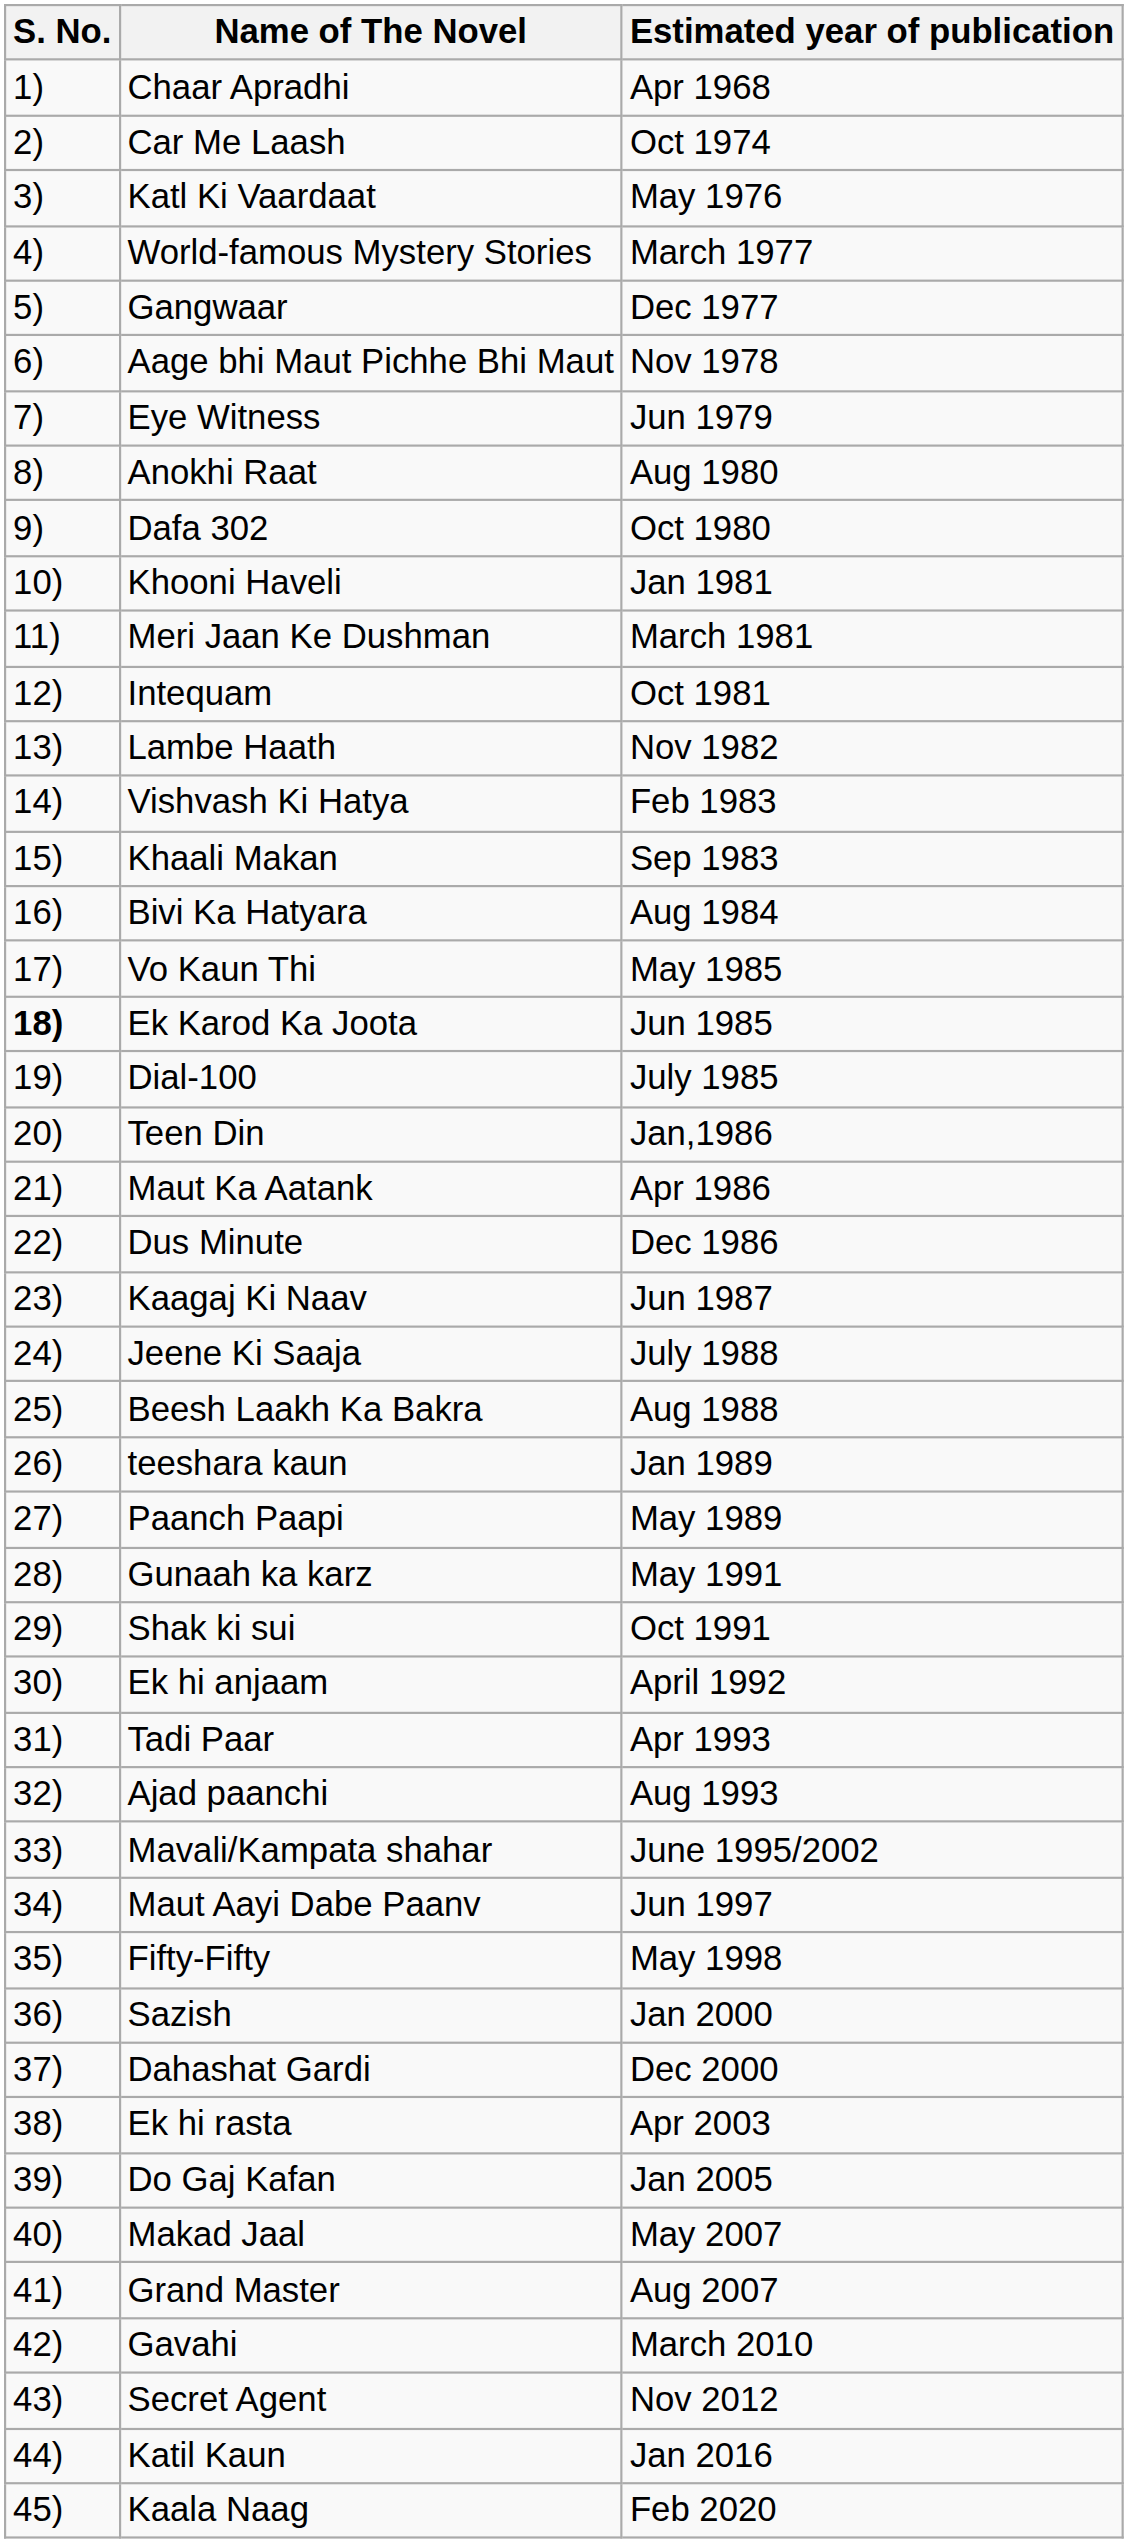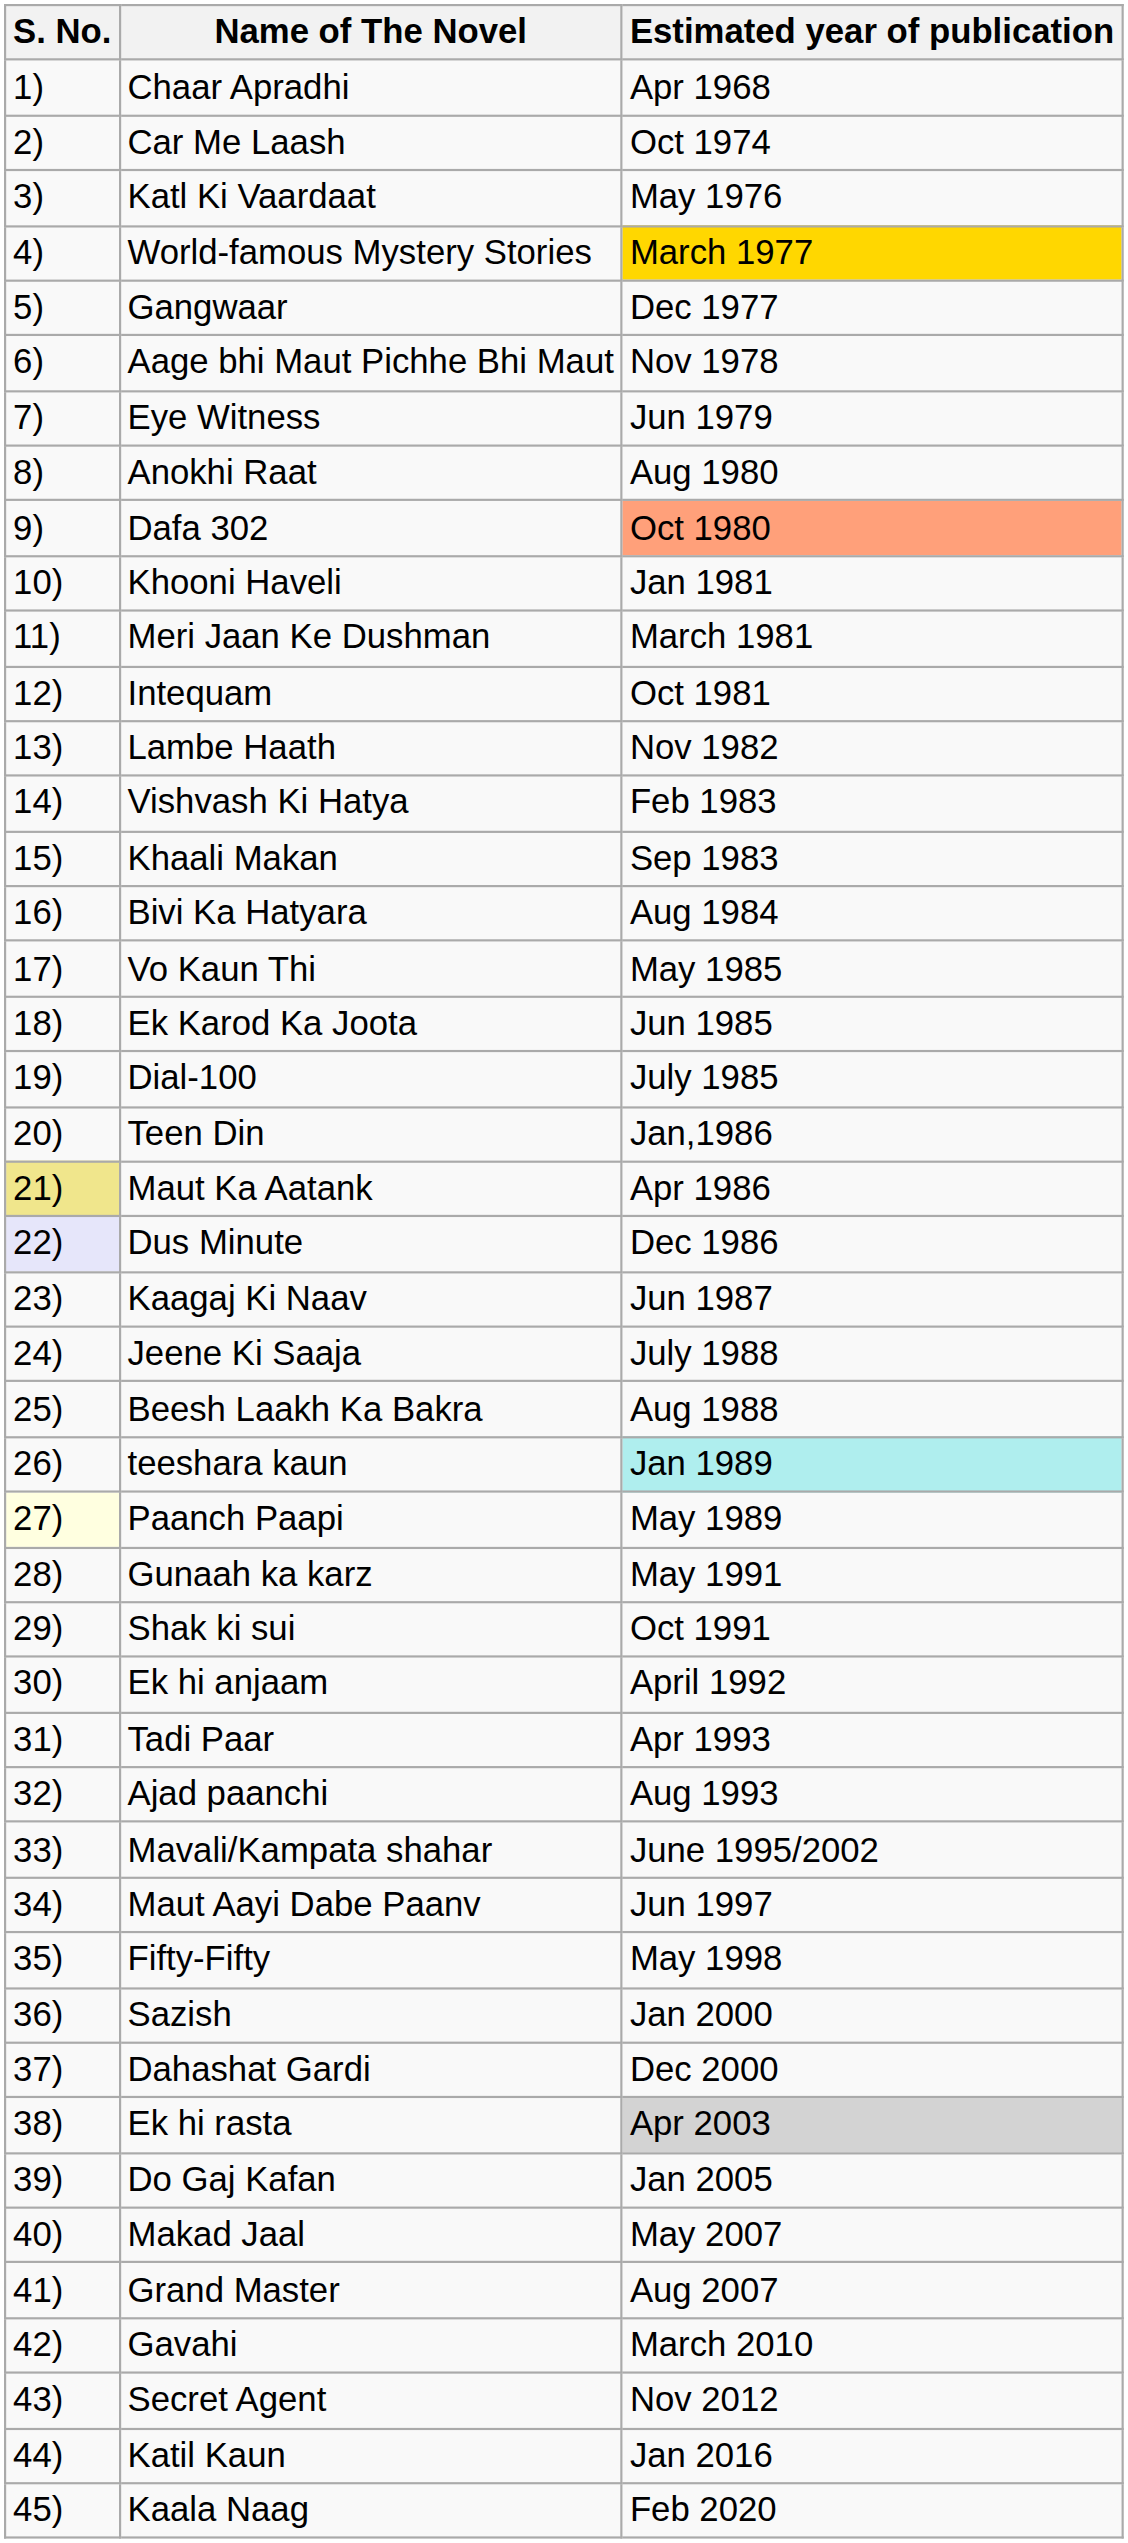 <table class="wikitable">
 <tr>
 <th>S. No.</th>
 <th>Name of The Novel</th>
 <th>Estimated year of publication</th>
 </tr>
 <tr>
 <td>1)</td>
 <td>Chaar Apradhi</td>
 <td>Apr 1968</td>
 </tr>
 <tr>
 <td>2)</td>
 <td>Car Me Laash</td>
 <td>Oct 1974</td>
 </tr>
 <tr>
 <td>3)</td>
 <td>Katl Ki Vaardaat</td>
 <td>May 1976</td>
 </tr>
 <tr>
 <td>4)</td>
 <td>World-famous Mystery Stories</td>
-<td>March 1977</td>
+<td style="background: gold;">March 1977</td>
 </tr>
 <tr>
 <td>5)</td>
 <td>Gangwaar</td>
 <td>Dec 1977</td>
 </tr>
 <tr>
 <td>6)</td>
 <td>Aage bhi Maut Pichhe Bhi Maut</td>
 <td>Nov 1978</td>
 </tr>
 <tr>
 <td>7)</td>
 <td>Eye Witness</td>
 <td>Jun 1979</td>
 </tr>
 <tr>
 <td>8)</td>
 <td>Anokhi Raat</td>
 <td>Aug 1980</td>
 </tr>
 <tr>
 <td>9)</td>
 <td>Dafa 302</td>
-<td>Oct 1980</td>
+<td style="background: lightsalmon;">Oct 1980</td>
 </tr>
 <tr>
 <td>10)</td>
 <td>Khooni Haveli</td>
 <td>Jan 1981</td>
 </tr>
 <tr>
 <td>11)</td>
 <td>Meri Jaan Ke Dushman</td>
 <td>March 1981</td>
 </tr>
 <tr>
 <td>12)</td>
 <td>Intequam</td>
 <td>Oct 1981</td>
 </tr>
 <tr>
 <td>13)</td>
 <td>Lambe Haath</td>
 <td>Nov 1982</td>
 </tr>
 <tr>
 <td>14)</td>
 <td>Vishvash Ki Hatya</td>
 <td>Feb 1983</td>
 </tr>
 <tr>
 <td>15)</td>
 <td>Khaali Makan</td>
 <td>Sep 1983</td>
 </tr>
 <tr>
 <td>16)</td>
 <td>Bivi Ka Hatyara</td>
 <td>Aug 1984</td>
 </tr>
 <tr>
 <td>17)</td>
 <td>Vo Kaun Thi</td>
 <td>May 1985</td>
 </tr>
 <tr>
-<td><strong>18)</strong></td>
+<td>18)</td>
 <td>Ek Karod Ka Joota</td>
 <td>Jun 1985</td>
 </tr>
 <tr>
 <td>19)</td>
 <td>Dial-100</td>
 <td>July 1985</td>
 </tr>
 <tr>
 <td>20)</td>
 <td>Teen Din</td>
 <td>Jan,1986</td>
 </tr>
 <tr>
-<td>21)</td>
+<td style="background: khaki;">21)</td>
 <td>Maut Ka Aatank</td>
 <td>Apr 1986</td>
 </tr>
 <tr>
-<td>22)</td>
+<td style="background: lavender;">22)</td>
 <td>Dus Minute</td>
 <td>Dec 1986</td>
 </tr>
 <tr>
 <td>23)</td>
 <td>Kaagaj Ki Naav</td>
 <td>Jun 1987</td>
 </tr>
 <tr>
 <td>24)</td>
 <td>Jeene Ki Saaja</td>
 <td>July 1988</td>
 </tr>
 <tr>
 <td>25)</td>
 <td>Beesh Laakh Ka Bakra</td>
 <td>Aug 1988</td>
 </tr>
 <tr>
 <td>26)</td>
 <td>teeshara kaun</td>
-<td>Jan 1989</td>
+<td style="background: paleturquoise;">Jan 1989</td>
 </tr>
 <tr>
-<td>27)</td>
+<td style="background: lightyellow;">27)</td>
 <td>Paanch Paapi</td>
 <td>May 1989</td>
 </tr>
 <tr>
 <td>28)</td>
 <td>Gunaah ka karz</td>
 <td>May 1991</td>
 </tr>
 <tr>
 <td>29)</td>
 <td>Shak ki sui</td>
 <td>Oct 1991</td>
 </tr>
 <tr>
 <td>30)</td>
 <td>Ek hi anjaam</td>
 <td>April 1992</td>
 </tr>
 <tr>
 <td>31)</td>
 <td>Tadi Paar</td>
 <td>Apr 1993</td>
 </tr>
 <tr>
 <td>32)</td>
 <td>Ajad paanchi</td>
 <td>Aug 1993</td>
 </tr>
 <tr>
 <td>33)</td>
 <td>Mavali/Kampata shahar</td>
 <td>June 1995/2002</td>
 </tr>
 <tr>
 <td>34)</td>
 <td>Maut Aayi Dabe Paanv</td>
 <td>Jun 1997</td>
 </tr>
 <tr>
 <td>35)</td>
 <td>Fifty-Fifty</td>
 <td>May 1998</td>
 </tr>
 <tr>
 <td>36)</td>
 <td>Sazish</td>
 <td>Jan 2000</td>
 </tr>
 <tr>
 <td>37)</td>
 <td>Dahashat Gardi</td>
 <td>Dec 2000</td>
 </tr>
 <tr>
 <td>38)</td>
 <td>Ek hi rasta</td>
-<td>Apr 2003</td>
+<td style="background: lightgrey;">Apr 2003</td>
 </tr>
 <tr>
 <td>39)</td>
 <td>Do Gaj Kafan</td>
 <td>Jan 2005</td>
 </tr>
 <tr>
 <td>40)</td>
 <td>Makad Jaal</td>
 <td>May 2007</td>
 </tr>
 <tr>
 <td>41)</td>
 <td>Grand Master</td>
 <td>Aug 2007</td>
 </tr>
 <tr>
 <td>42)</td>
 <td>Gavahi</td>
 <td>March 2010</td>
 </tr>
 <tr>
 <td>43)</td>
 <td>Secret Agent</td>
 <td>Nov 2012</td>
 </tr>
 <tr>
 <td>44)</td>
 <td>Katil Kaun</td>
 <td>Jan 2016</td>
 </tr>
 <tr>
 <td>45)</td>
 <td>Kaala Naag</td>
 <td>Feb 2020</td>
 </tr>
 </table>
